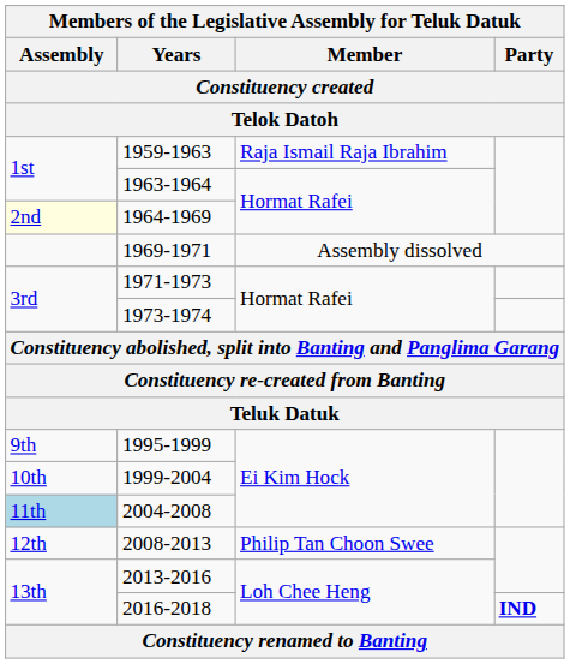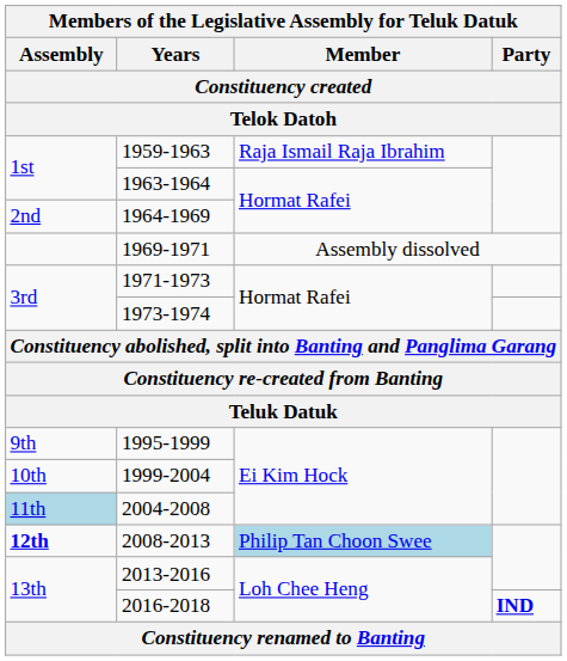 <table class=wikitable>
 <tr>
 <th colspan=4>Members of the Legislative Assembly for Teluk Datuk</th>
 </tr>
 <tr>
 <th>Assembly</th>
 <th>Years</th>
 <th>Member</th>
 <th>Party</th>
 </tr>
 <tr>
 <th colspan=4 align=center><em>Constituency created</em></th>
 </tr>
 <tr>
 <th colspan=4 align=center>Telok Datoh</th>
 </tr>
 <tr>
 <td rowspan=2><a href='#'>1st</a></td>
 <td>1959-1963</td>
 <td><a href='#'>Raja Ismail Raja Ibrahim</a></td>
 <td rowspan=3 bgcolor=></td>
 </tr>
 <tr>
 <td>1963-1964</td>
 <td rowspan=2><a href='#'>Hormat Rafei</a></td>
 </tr>
 <tr>
-<td style="background: lightyellow;"><a href='#'>2nd</a></td>
+<td><a href='#'>2nd</a></td>
 <td>1964-1969</td>
 </tr>
 <tr>
 <td></td>
 <td>1969-1971</td>
 <td colspan=2 align=center>Assembly dissolved</td>
 </tr>
 <tr>
 <td rowspan=2><a href='#'>3rd</a></td>
 <td>1971-1973</td>
 <td rowspan=2>Hormat Rafei</td>
 <td bgcolor=></td>
 </tr>
 <tr>
 <td>1973-1974</td>
 <td bgcolor=></td>
 </tr>
 <tr>
 <th colspan=4 align=center><em>Constituency abolished, split into <a href='#'>Banting</a> and <a href='#'>Panglima Garang</a></em></th>
 </tr>
 <tr>
 <th colspan=4 align=center><em>Constituency re-created from Banting</em></th>
 </tr>
 <tr>
 <th colspan=4 align=center>Teluk Datuk</th>
 </tr>
 <tr>
 <td><a href='#'>9th</a></td>
 <td>1995-1999</td>
 <td rowspan=3><a href='#'>Ei Kim Hock</a></td>
 <td rowspan=3 bgcolor=></td>
 </tr>
 <tr>
 <td><a href='#'>10th</a></td>
 <td>1999-2004</td>
 </tr>
 <tr>
 <td style="background: lightblue;"><a href='#'>11th</a></td>
 <td>2004-2008</td>
 </tr>
 <tr>
-<td><a href='#'>12th</a></td>
+<td><strong><a href='#'>12th</a></strong></td>
 <td>2008-2013</td>
-<td><a href='#'>Philip Tan Choon Swee</a></td>
+<td style="background: lightblue;"><a href='#'>Philip Tan Choon Swee</a></td>
 <td rowspan=2 bgcolor=></td>
 </tr>
 <tr>
 <td rowspan="2"><a href='#'>13th</a></td>
 <td>2013-2016</td>
 <td rowspan="2"><a href='#'>Loh Chee Heng</a></td>
 </tr>
 <tr>
 <td>2016-2018</td>
 <td bgcolor=><strong><a href='#'>IND</a></strong></td>
 </tr>
 <tr>
 <th colspan="4"><em>Constituency renamed to <a href='#'>Banting</a></em></th>
 </tr>
 </table>
